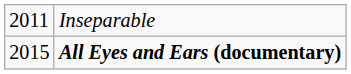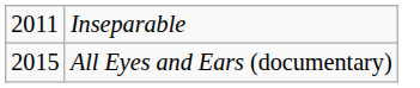 <table class="wikitable">
 <tr>
 <td>2011</td>
 <td><em>Inseparable</em></td>
 </tr>
 <tr>
 <td>2015</td>
-<td><strong><em>All Eyes and Ears</em> (documentary)</strong></td>
+<td><em>All Eyes and Ears</em> (documentary)</td>
 </tr>
 </table>
